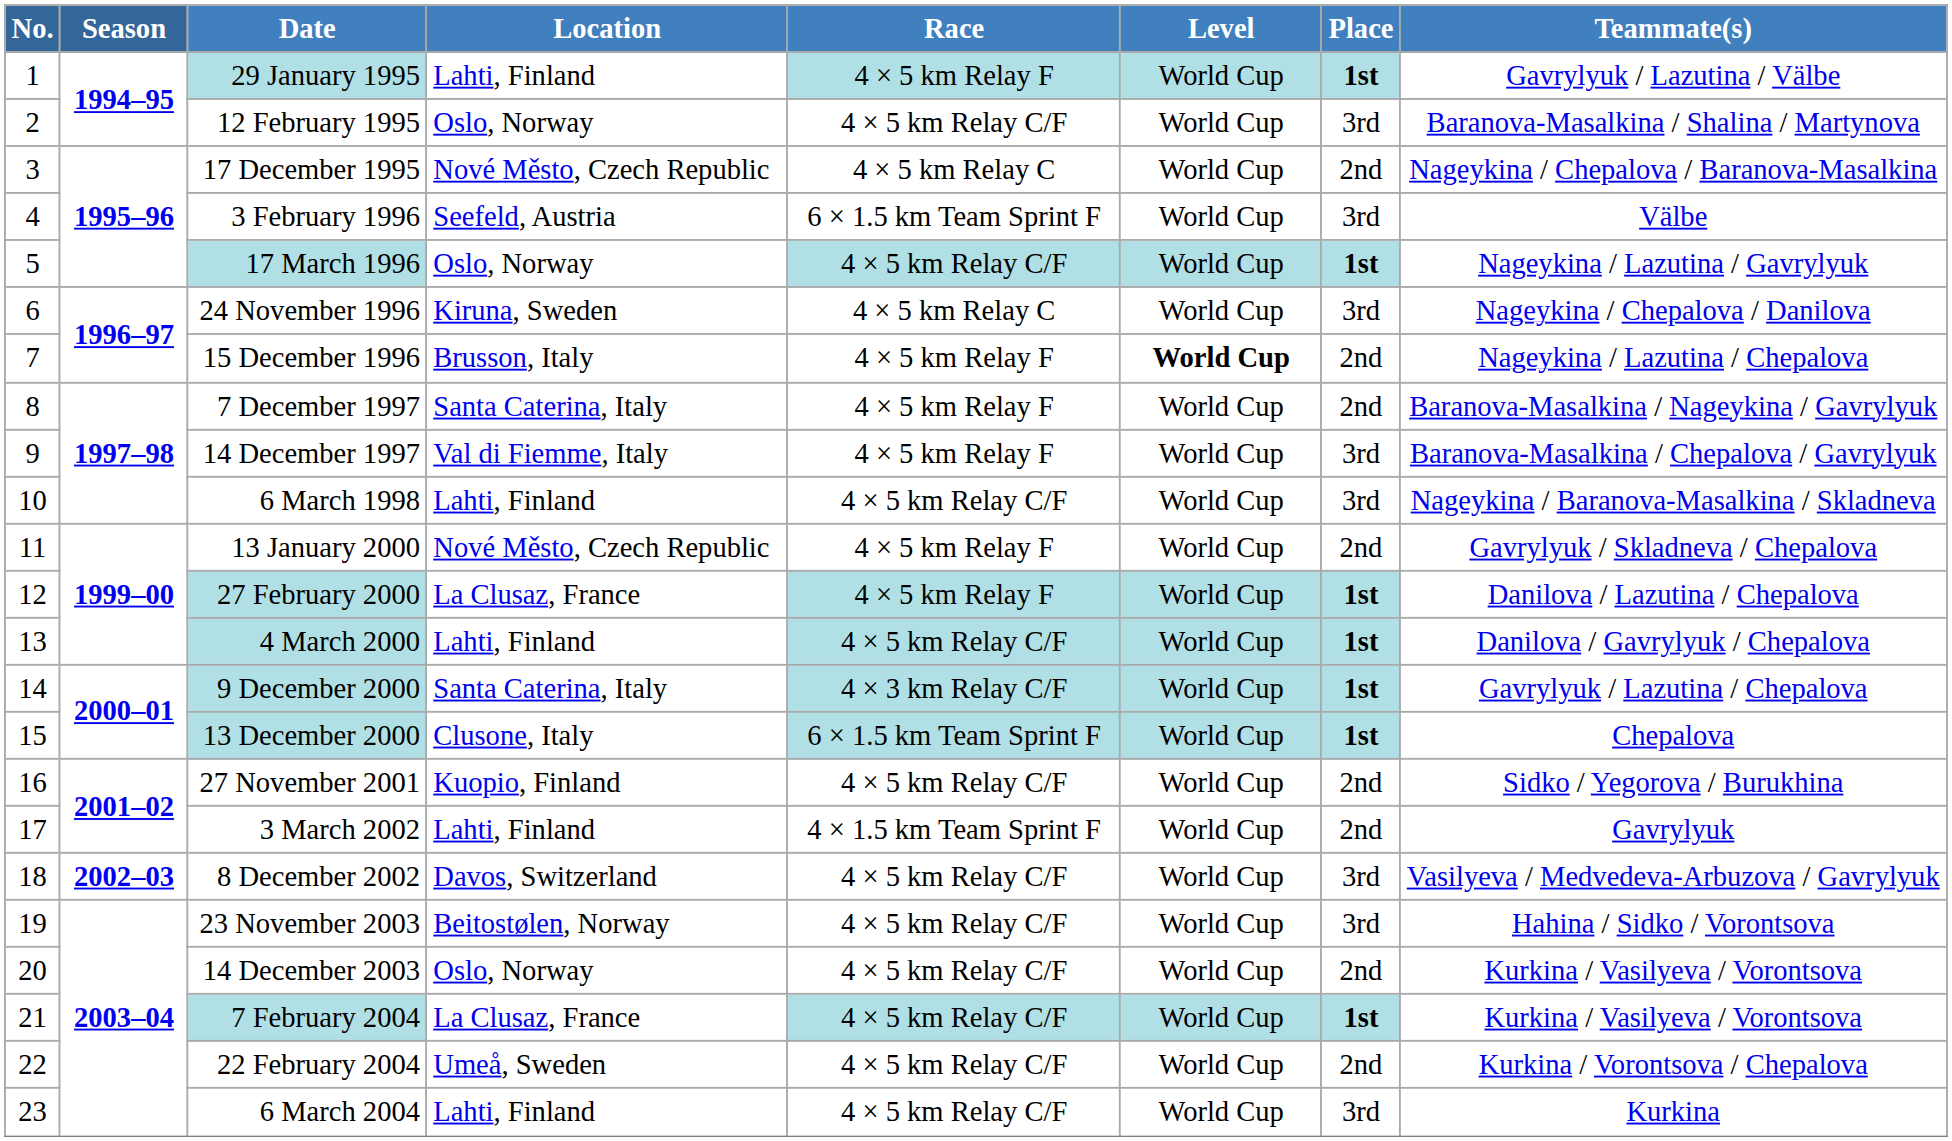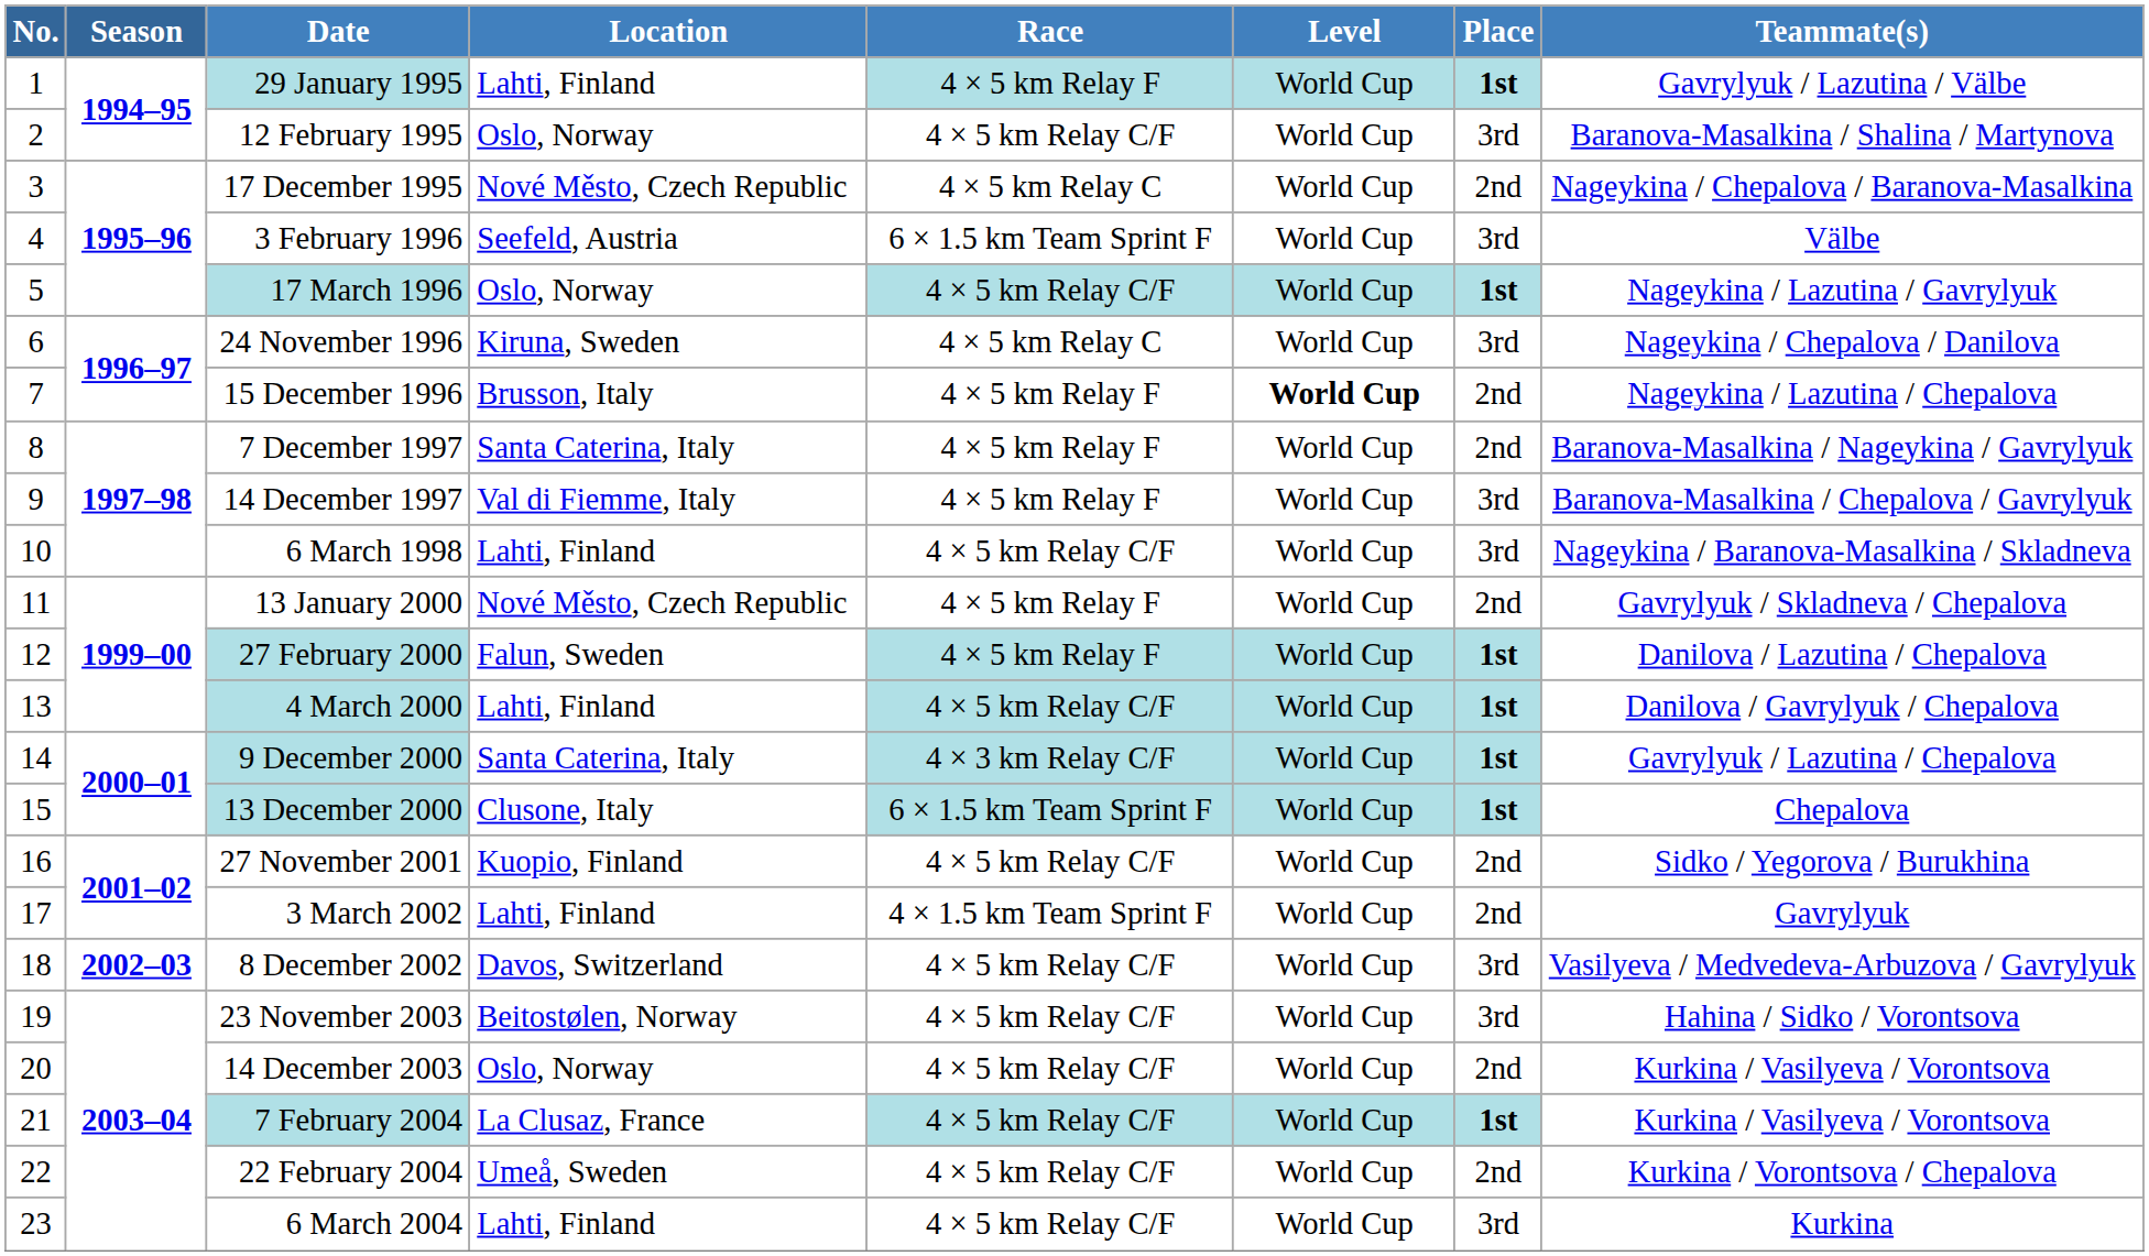 <table class="wikitable sortable" style="font-size:95%; text-align:center; border:grey solid 1px; border-collapse:collapse; background:#ffffff;">
 <tr style="background:#efefef;">
 <th style="background-color:#369; color:white;">No.</th>
 <th style="background-color:#369; color:white;">Season</th>
 <th style="background-color:#4180be; color:white; width:120px;">Date</th>
 <th style="background-color:#4180be; color:white; width:185px;">Location</th>
 <th style="background-color:#4180be; color:white; width:170px;">Race</th>
 <th style="background-color:#4180be; color:white; width:100px;">Level</th>
 <th style="background-color:#4180be; color:white;">Place</th>
 <th style="background-color:#4180be; color:white;">Teammate(s)</th>
 </tr>
 <tr>
 <td align=center>1</td>
 <td rowspan=2 align=center><strong><a href='#'>1994–95</a></strong></td>
 <td bgcolor="#BOEOE6" align=right>29 January 1995</td>
 <td align=left> <a href='#'>Lahti</a>, Finland</td>
 <td bgcolor="#BOEOE6">4 × 5 km Relay F</td>
 <td bgcolor="#BOEOE6">World Cup</td>
 <td bgcolor="#BOEOE6"><strong>1st</strong></td>
 <td><a href='#'>Gavrylyuk</a> / <a href='#'>Lazutina</a> / <a href='#'>Välbe</a></td>
 </tr>
 <tr>
 <td align=center>2</td>
 <td align=right>12 February 1995</td>
 <td align=left> <a href='#'>Oslo</a>, Norway</td>
 <td>4 × 5 km Relay C/F</td>
 <td>World Cup</td>
 <td>3rd</td>
 <td><a href='#'>Baranova-Masalkina</a> / <a href='#'>Shalina</a> / <a href='#'>Martynova</a></td>
 </tr>
 <tr>
 <td align=center>3</td>
 <td rowspan=3 align=center><strong> <a href='#'>1995–96</a> </strong></td>
 <td align=right>17 December 1995</td>
 <td align=left> <a href='#'>Nové Město</a>, Czech Republic</td>
 <td>4 × 5 km Relay C</td>
 <td>World Cup</td>
 <td>2nd</td>
 <td><a href='#'>Nageykina</a> / <a href='#'>Chepalova</a> / <a href='#'>Baranova-Masalkina</a></td>
 </tr>
 <tr>
 <td align=center>4</td>
 <td align=right>3 February 1996</td>
 <td align=left> <a href='#'>Seefeld</a>, Austria</td>
 <td>6 × 1.5 km Team Sprint F</td>
 <td>World Cup</td>
 <td>3rd</td>
 <td><a href='#'>Välbe</a></td>
 </tr>
 <tr>
 <td align=center>5</td>
 <td bgcolor="#BOEOE6" align=right>17 March 1996</td>
 <td align=left> <a href='#'>Oslo</a>, Norway</td>
 <td bgcolor="#BOEOE6">4 × 5 km Relay C/F</td>
 <td bgcolor="#BOEOE6">World Cup</td>
 <td bgcolor="#BOEOE6"><strong>1st</strong></td>
 <td><a href='#'>Nageykina</a> /  <a href='#'>Lazutina</a> / <a href='#'>Gavrylyuk</a></td>
 </tr>
 <tr>
 <td align=center>6</td>
 <td rowspan=2 align=center><strong> <a href='#'>1996–97</a> </strong></td>
 <td align=right>24 November 1996</td>
 <td align=left> <a href='#'>Kiruna</a>, Sweden</td>
 <td>4 × 5 km Relay C</td>
 <td>World Cup</td>
 <td>3rd</td>
 <td><a href='#'>Nageykina</a> / <a href='#'>Chepalova</a> / <a href='#'>Danilova</a></td>
 </tr>
 <tr>
 <td align=center>7</td>
 <td align=right>15 December 1996</td>
 <td align=left> <a href='#'>Brusson</a>, Italy</td>
 <td>4  × 5 km Relay F</td>
 <td><strong>World Cup</strong></td>
 <td>2nd</td>
 <td><a href='#'>Nageykina</a> / <a href='#'>Lazutina</a> / <a href='#'>Chepalova</a></td>
 </tr>
 <tr>
 <td align=center>8</td>
 <td rowspan=3 align=center><strong> <a href='#'>1997–98</a> </strong></td>
 <td align=right>7 December 1997</td>
 <td align=left> <a href='#'>Santa Caterina</a>, Italy</td>
 <td>4 × 5 km Relay F</td>
 <td>World Cup</td>
 <td>2nd</td>
 <td><a href='#'>Baranova-Masalkina</a> / <a href='#'>Nageykina</a> / <a href='#'>Gavrylyuk</a></td>
 </tr>
 <tr>
 <td align=center>9</td>
 <td align=right>14 December 1997</td>
 <td align=left> <a href='#'>Val di Fiemme</a>, Italy</td>
 <td>4 × 5 km Relay F</td>
 <td>World Cup</td>
 <td>3rd</td>
 <td><a href='#'>Baranova-Masalkina</a> / <a href='#'>Chepalova</a> / <a href='#'>Gavrylyuk</a></td>
 </tr>
 <tr>
 <td align=center>10</td>
 <td align=right>6 March 1998</td>
 <td align=left> <a href='#'>Lahti</a>, Finland</td>
 <td>4 × 5 km Relay C/F</td>
 <td>World Cup</td>
 <td>3rd</td>
 <td><a href='#'>Nageykina</a> / <a href='#'>Baranova-Masalkina</a> / <a href='#'>Skladneva</a></td>
 </tr>
 <tr>
 <td align=center>11</td>
 <td rowspan=3 align=center><strong> <a href='#'>1999–00</a> </strong></td>
 <td align=right>13 January 2000</td>
 <td align=left> <a href='#'>Nové Město</a>, Czech Republic</td>
 <td>4 × 5 km Relay F</td>
 <td>World Cup</td>
 <td>2nd</td>
 <td><a href='#'>Gavrylyuk</a> / <a href='#'>Skladneva</a> / <a href='#'>Chepalova</a></td>
 </tr>
 <tr>
 <td align=center>12</td>
 <td bgcolor="#BOEOE6" align=right>27 February 2000</td>
-<td align=left> <a href='#'>La Clusaz</a>, France</td>
+<td align=left> <a href='#'>Falun</a>, Sweden</td>
 <td bgcolor="#BOEOE6">4 × 5 km Relay F</td>
 <td bgcolor="#BOEOE6">World Cup</td>
 <td bgcolor="#BOEOE6"><strong>1st</strong></td>
 <td><a href='#'>Danilova</a> / <a href='#'>Lazutina</a> / <a href='#'>Chepalova</a></td>
 </tr>
 <tr>
 <td align=center>13</td>
 <td bgcolor="#BOEOE6" align=right>4 March 2000</td>
 <td align=left> <a href='#'>Lahti</a>, Finland</td>
 <td bgcolor="#BOEOE6">4 × 5 km Relay C/F</td>
 <td bgcolor="#BOEOE6">World Cup</td>
 <td bgcolor="#BOEOE6"><strong>1st</strong></td>
 <td><a href='#'>Danilova</a> / <a href='#'>Gavrylyuk</a> / <a href='#'>Chepalova</a></td>
 </tr>
 <tr>
 <td align=center>14</td>
 <td rowspan=2 align=center><strong><a href='#'>2000–01</a></strong></td>
 <td bgcolor="#BOEOE6" align=right>9 December 2000</td>
 <td align=left> <a href='#'>Santa Caterina</a>, Italy</td>
 <td bgcolor="#BOEOE6">4 × 3 km Relay C/F</td>
 <td bgcolor="#BOEOE6">World Cup</td>
 <td bgcolor="#BOEOE6"><strong>1st</strong></td>
 <td><a href='#'>Gavrylyuk</a> / <a href='#'>Lazutina</a> / <a href='#'>Chepalova</a></td>
 </tr>
 <tr>
 <td align=center>15</td>
 <td bgcolor="#BOEOE6" align=right>13 December 2000</td>
 <td align=left> <a href='#'>Clusone</a>, Italy</td>
 <td bgcolor="#BOEOE6">6 × 1.5 km Team Sprint F</td>
 <td bgcolor="#BOEOE6">World Cup</td>
 <td bgcolor="#BOEOE6"><strong>1st</strong></td>
 <td><a href='#'>Chepalova</a></td>
 </tr>
 <tr>
 <td align=center>16</td>
 <td rowspan=2 align=center><strong> <a href='#'>2001–02</a> </strong></td>
 <td align=right>27 November 2001</td>
 <td align=left> <a href='#'>Kuopio</a>, Finland</td>
 <td>4 × 5 km Relay C/F</td>
 <td>World Cup</td>
 <td>2nd</td>
 <td><a href='#'>Sidko</a> / <a href='#'>Yegorova</a> / <a href='#'>Burukhina</a></td>
 </tr>
 <tr>
 <td align=center>17</td>
 <td align=right>3 March 2002</td>
 <td align=left> <a href='#'>Lahti</a>, Finland</td>
 <td>4 × 1.5 km Team Sprint F</td>
 <td>World Cup</td>
 <td>2nd</td>
 <td><a href='#'>Gavrylyuk</a></td>
 </tr>
 <tr>
 <td align=center>18</td>
 <td rowspan=1 align=center><strong> <a href='#'>2002–03</a> </strong></td>
 <td align=right>8 December 2002</td>
 <td align=left> <a href='#'>Davos</a>, Switzerland</td>
 <td>4 × 5 km Relay C/F</td>
 <td>World Cup</td>
 <td>3rd</td>
 <td><a href='#'>Vasilyeva</a> / <a href='#'>Medvedeva-Arbuzova</a> / <a href='#'>Gavrylyuk</a></td>
 </tr>
 <tr>
 <td align=center>19</td>
 <td rowspan=5 align=center><strong> <a href='#'>2003–04</a> </strong></td>
 <td align=right>23 November 2003</td>
 <td align=left> <a href='#'>Beitostølen</a>, Norway</td>
 <td>4 × 5 km Relay C/F</td>
 <td>World Cup</td>
 <td>3rd</td>
 <td><a href='#'>Hahina</a> / <a href='#'>Sidko</a> / <a href='#'>Vorontsova</a></td>
 </tr>
 <tr>
 <td align=center>20</td>
 <td align=right>14 December 2003</td>
 <td align=left> <a href='#'>Oslo</a>, Norway</td>
 <td>4 × 5 km Relay C/F</td>
 <td>World Cup</td>
 <td>2nd</td>
 <td><a href='#'>Kurkina</a> / <a href='#'>Vasilyeva</a> / <a href='#'>Vorontsova</a></td>
 </tr>
 <tr>
 <td align=center>21</td>
 <td bgcolor="#BOEOE6" align=right>7 February 2004</td>
 <td align=left> <a href='#'>La Clusaz</a>, France</td>
 <td bgcolor="#BOEOE6">4 × 5 km Relay C/F</td>
 <td bgcolor="#BOEOE6">World Cup</td>
 <td bgcolor="#BOEOE6"><strong>1st</strong></td>
 <td><a href='#'>Kurkina</a> / <a href='#'>Vasilyeva</a> / <a href='#'>Vorontsova</a></td>
 </tr>
 <tr>
 <td align=center>22</td>
 <td align=right>22 February 2004</td>
 <td align=left> <a href='#'>Umeå</a>, Sweden</td>
 <td>4 × 5 km Relay C/F</td>
 <td>World Cup</td>
 <td>2nd</td>
 <td><a href='#'>Kurkina</a> / <a href='#'>Vorontsova</a> / <a href='#'>Chepalova</a></td>
 </tr>
 <tr>
 <td align=center>23</td>
 <td align=right>6 March 2004</td>
 <td align=left> <a href='#'>Lahti</a>, Finland</td>
 <td>4 × 5 km Relay C/F</td>
 <td>World Cup</td>
 <td>3rd</td>
 <td><a href='#'>Kurkina</a></td>
 </tr>
 <tr>
 </tr>
 </table>
